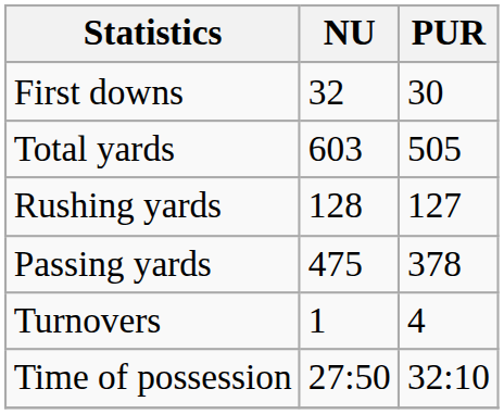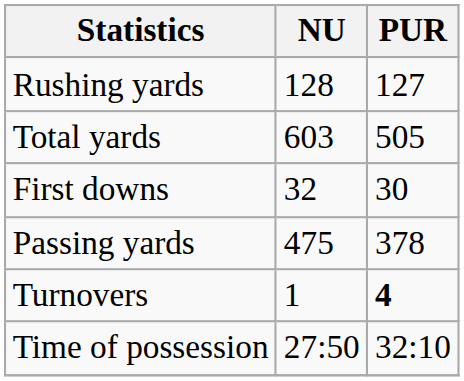 <table class="wikitable">
 <tr>
 <th>Statistics</th>
 <th>NU</th>
 <th>PUR</th>
 </tr>
 <tr>
-<td>First downs</td>
-<td>32</td>
-<td>30</td>
+<td>Rushing yards</td>
+<td>128</td>
+<td>127</td>
 </tr>
 <tr>
 <td>Total yards</td>
 <td>603</td>
 <td>505</td>
 </tr>
 <tr>
-<td>Rushing yards</td>
-<td>128</td>
-<td>127</td>
+<td>First downs</td>
+<td>32</td>
+<td>30</td>
 </tr>
 <tr>
 <td>Passing yards</td>
 <td>475</td>
 <td>378</td>
 </tr>
 <tr>
 <td>Turnovers</td>
 <td>1</td>
-<td>4</td>
+<td><strong>4</strong></td>
 </tr>
 <tr>
 <td>Time of possession</td>
 <td>27:50</td>
 <td>32:10</td>
 </tr>
 <tr>
 </tr>
 </table>
